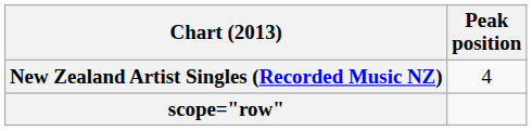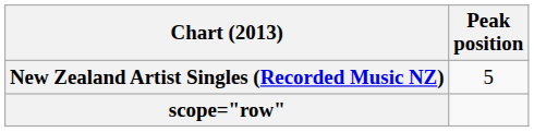 <table class="wikitable sortable plainrowheaders">
 <tr>
 <th>Chart (2013)</th>
 <th>Peak<br>position</th>
 </tr>
 <tr>
 <th scope="row">New Zealand Artist Singles (<a href='#'>Recorded Music NZ</a>)</th>
-<td align=center>4</td>
+<td align=center>5</td>
 </tr>
 <tr>
 <th>scope="row"</th>
 </tr>
 </table>
